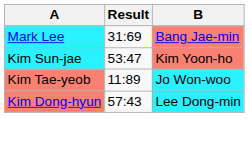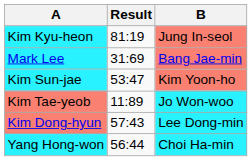 <table class="wikitable">
 <tr>
 <th>A</th>
 <th>Result</th>
 <th>B</th>
+</tr>
+<tr>
+<td style="background:#28f2ff;">Kim Kyu-heon</td>
+<td>81:19</td>
+<td style="background:#FA8072;">Jung In-seol</td>
 </tr>
 <tr>
 <td style="background:#28f2ff;"><a href='#'>Mark Lee</a></td>
 <td>31:69</td>
 <td style="background:#FA8072;"><a href='#'>Bang Jae-min</a></td>
 </tr>
 <tr>
 <td style="background:#28f2ff;">Kim Sun-jae</td>
 <td>53:47</td>
 <td style="background:#FA8072;">Kim Yoon-ho</td>
 </tr>
 <tr>
 <td style="background:#FA8072;">Kim Tae-yeob</td>
 <td>11:89</td>
 <td style="background:#28f2ff;">Jo Won-woo</td>
 </tr>
 <tr>
 <td style="background:#FA8072;"><a href='#'>Kim Dong-hyun</a></td>
 <td>57:43</td>
 <td style="background:#28f2ff;">Lee Dong-min</td>
 </tr>
+<tr>
+<td style="background:#28f2ff;">Yang Hong-won</td>
+<td>56:44</td>
+<td style="background:#28f2ff;">Choi Ha-min</td>
+</tr>
 </table>
